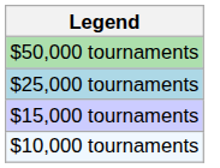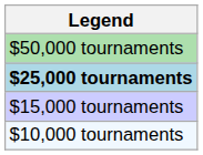 <table class="wikitable" style="font-size:85%">
 <tr>
 <th>Legend</th>
 </tr>
 <tr style="background:#addfad;">
 <td>$50,000 tournaments</td>
 </tr>
 <tr style="background:lightblue;">
-<td>$25,000 tournaments</td>
+<td><strong>$25,000 tournaments</strong></td>
 </tr>
 <tr style="background:#ccf;">
 <td>$15,000 tournaments</td>
 </tr>
 <tr style="background:#f0f8ff;">
 <td>$10,000 tournaments</td>
 </tr>
 </table>
